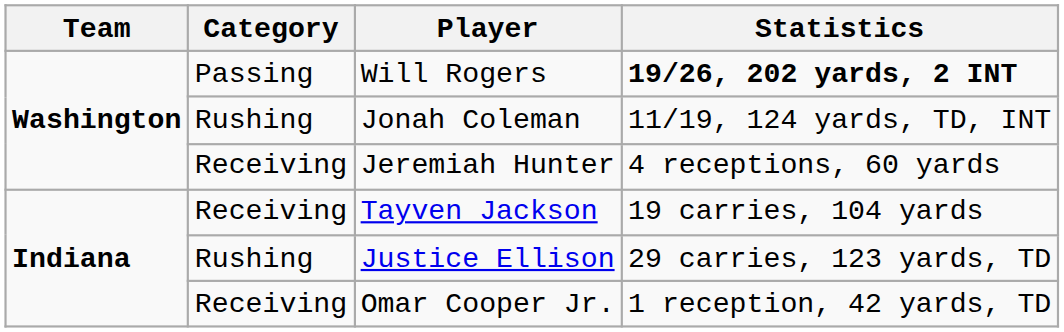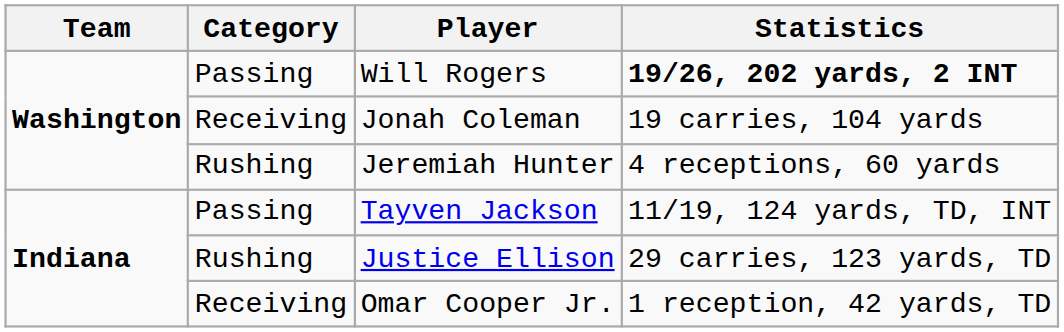 <table class="wikitable" style="float: right;">
 <tr>
 <th>Team</th>
 <th>Category</th>
 <th>Player</th>
 <th>Statistics</th>
 </tr>
 <tr>
 <td rowspan=3><strong>Washington</strong></td>
 <td>Passing</td>
 <td>Will Rogers</td>
 <td><strong>19/26, 202 yards, 2 INT</strong></td>
 </tr>
 <tr>
-<td>Rushing</td>
+<td>Receiving</td>
 <td>Jonah Coleman</td>
-<td>11/19, 124 yards, TD, INT</td>
+<td>19 carries, 104 yards</td>
 </tr>
 <tr>
-<td>Receiving</td>
+<td>Rushing</td>
 <td>Jeremiah Hunter</td>
 <td>4 receptions, 60 yards</td>
 </tr>
 <tr>
 <td rowspan=3><strong>Indiana</strong></td>
-<td>Receiving</td>
+<td>Passing</td>
 <td><a href='#'>Tayven Jackson</a></td>
-<td>19 carries, 104 yards</td>
+<td>11/19, 124 yards, TD, INT</td>
 </tr>
 <tr>
 <td>Rushing</td>
 <td><a href='#'>Justice Ellison</a></td>
 <td>29 carries, 123 yards, TD</td>
 </tr>
 <tr>
 <td>Receiving</td>
 <td>Omar Cooper Jr.</td>
 <td>1 reception, 42 yards, TD</td>
 </tr>
 </table>
